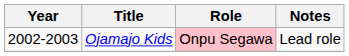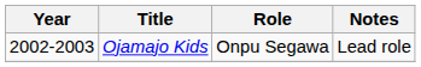 <table class="wikitable sortable">
 <tr>
 <th>Year</th>
 <th>Title</th>
 <th>Role</th>
 <th class="unsortable">Notes</th>
 </tr>
 <tr>
 <td>2002-2003</td>
 <td><em><a href='#'>Ojamajo Kids</a></em></td>
-<td style="background: pink;">Onpu Segawa</td>
+<td>Onpu Segawa</td>
 <td>Lead role</td>
 </tr>
 <tr>
 </tr>
 </table>
